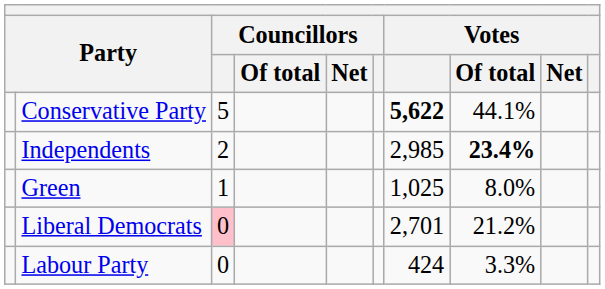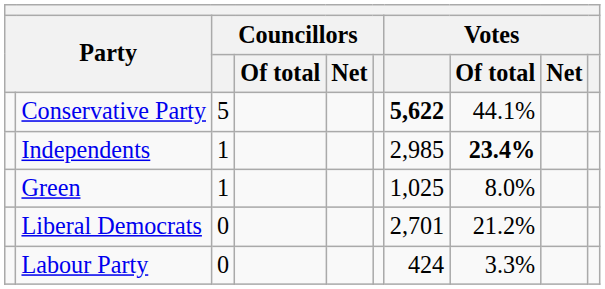 <table class="wikitable sortable" style="text-align:center;">
 <tr>
 <th colspan="10"></th>
 </tr>
 <tr>
 <th colspan="2" rowspan="2">Party</th>
 <th colspan="4">Councillors</th>
 <th colspan="4">Votes</th>
 </tr>
 <tr>
 <th></th>
 <th>Of total</th>
 <th>Net</th>
 <th class="unsortable"></th>
 <th></th>
 <th>Of total</th>
 <th>Net</th>
 <th class="unsortable"></th>
 </tr>
 <tr>
 <td style="background:"></td>
 <td style="text-align:left;"><a href='#'>Conservative Party</a></td>
 <td style="text-align:right;">5</td>
 <td style="text-align:right;"></td>
 <td style="text-align:right;"></td>
 <td data-sort-value=""></td>
 <td style="text-align:right;"><strong>5,622</strong></td>
 <td style="text-align:right;">44.1%</td>
 <td style="text-align:right;"></td>
 <td></td>
 </tr>
 <tr>
 <td style="background:"></td>
 <td style="text-align:left;"><a href='#'>Independents</a></td>
-<td style="text-align:right;">2</td>
+<td style="text-align:right;">1</td>
 <td style="text-align:right;"></td>
 <td style="text-align:right;"></td>
 <td data-sort-value=""></td>
 <td style="text-align:right;">2,985</td>
 <td style="text-align:right;"><strong>23.4%</strong></td>
 <td style="text-align:right;"></td>
 <td></td>
 </tr>
 <tr>
 <td style="background:"></td>
 <td style="text-align:left;"><a href='#'>Green</a></td>
 <td style="text-align:right;">1</td>
 <td style="text-align:right;"></td>
 <td style="text-align:right;"></td>
 <td data-sort-value=""></td>
 <td style="text-align:right;">1,025</td>
 <td style="text-align:right;">8.0%</td>
 <td style="text-align:right;"></td>
 <td></td>
 </tr>
 <tr>
 <td style="background:"></td>
 <td style="text-align:left;"><a href='#'>Liberal Democrats</a></td>
-<td style="background: pink; text-align:right;">0</td>
+<td style="text-align:right;">0</td>
 <td style="text-align:right;"></td>
 <td style="text-align:right;"></td>
 <td data-sort-value=""></td>
 <td style="text-align:right;">2,701</td>
 <td style="text-align:right;">21.2%</td>
 <td style="text-align:right;"></td>
 <td></td>
 </tr>
 <tr>
 <td style="background:"></td>
 <td style="text-align:left;"><a href='#'>Labour Party</a></td>
 <td style="text-align:right;">0</td>
 <td style="text-align:right;"></td>
 <td style="text-align:right;"></td>
 <td data-sort-value=""></td>
 <td style="text-align:right;">424</td>
 <td style="text-align:right;">3.3%</td>
 <td style="text-align:right;"></td>
 <td></td>
 </tr>
 </table>
